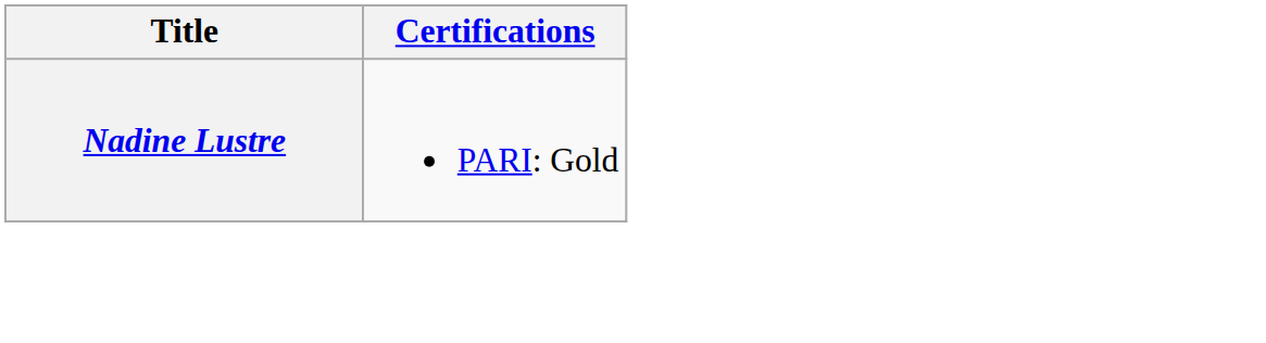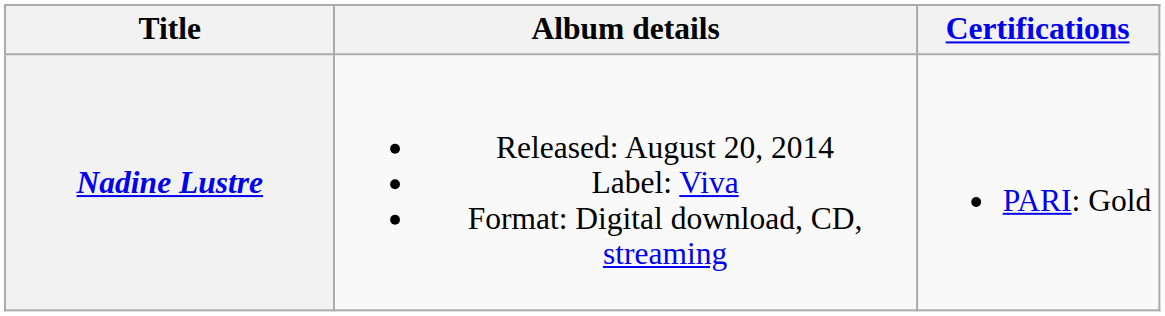 <table class="wikitable plainrowheaders" style="text-align:center;">
 <tr>
 <th scope="col" style="width:10em;">Title</th>
+<th scope="col" style="width:18em;">Album details</th>
 <th scope="col"><a href='#'>Certifications</a></th>
 </tr>
 <tr>
 <th scope="row"><em><a href='#'>Nadine Lustre</a></em></th>
+<td><br><ul><li>Released: August 20, 2014 </li><li>Label: <a href='#'>Viva</a></li><li>Format: Digital download, CD, <a href='#'>streaming</a></li></ul></td>
 <td><br><ul><li><a href='#'>PARI</a>: Gold</li></ul></td>
 </tr>
 </table>
